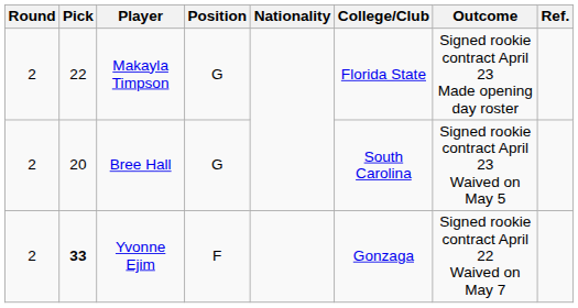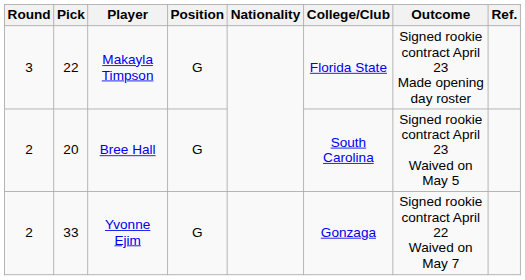 <table class="wikitable sortable sortable" style="text-align: center">
 <tr>
 <th width="5%">Round</th>
 <th width="3%">Pick</th>
 <th width="20%">Player</th>
 <th width="5">Position</th>
 <th width="15%">Nationality</th>
 <th width="15%">College/Club</th>
 <th width="25%">Outcome</th>
 <th width="1%">Ref.</th>
 </tr>
 <tr>
-<td>2</td>
+<td>3</td>
 <td>22</td>
 <td><a href='#'>Makayla Timpson</a></td>
 <td>G</td>
 <td rowspan=2></td>
 <td><a href='#'>Florida State</a></td>
 <td>Signed rookie contract April 23<br>Made opening day roster</td>
 <td></td>
 </tr>
 <tr>
 <td>2</td>
 <td>20</td>
 <td><a href='#'>Bree Hall</a></td>
 <td>G</td>
 <td><a href='#'>South Carolina</a></td>
 <td>Signed rookie contract April 23<br>Waived on May 5</td>
 <td></td>
 </tr>
 <tr>
 <td>2</td>
-<td><strong>33</strong></td>
+<td>33</td>
 <td><a href='#'>Yvonne Ejim</a></td>
-<td>F</td>
+<td>G</td>
 <td></td>
 <td><a href='#'>Gonzaga</a></td>
 <td>Signed rookie contract April 22<br>Waived on May 7</td>
 <td></td>
 </tr>
 </table>
